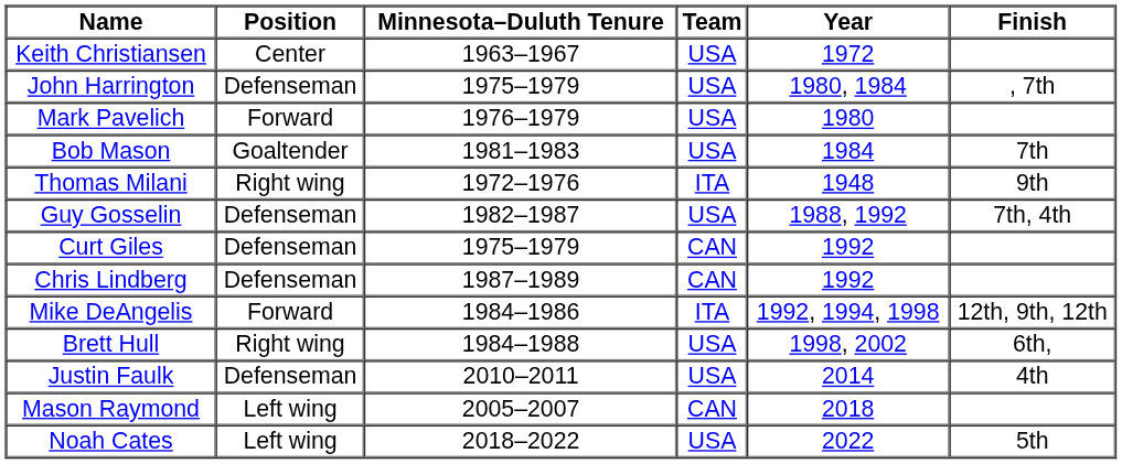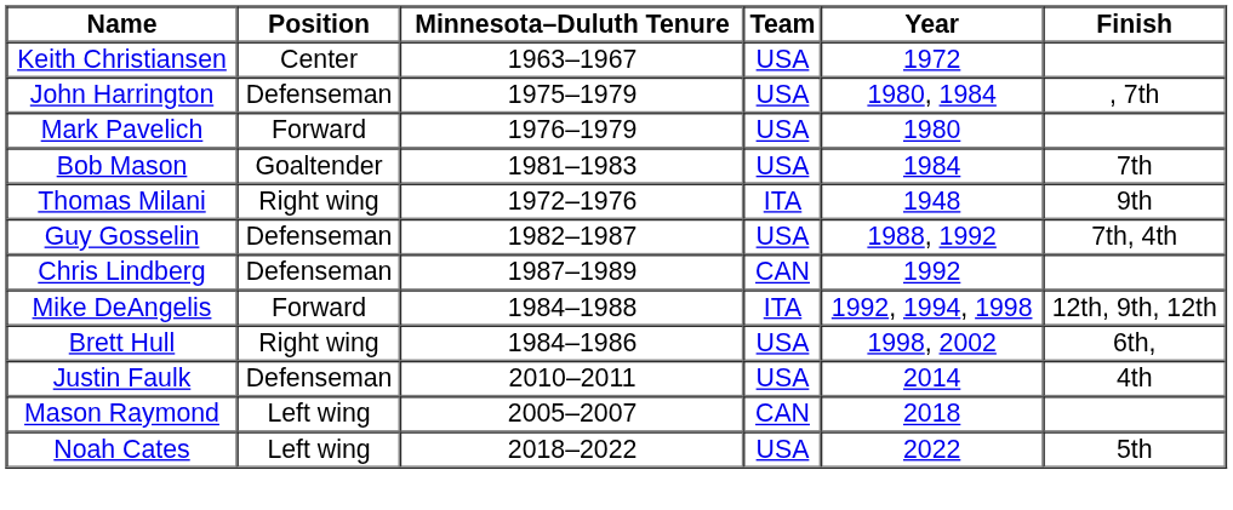 <table cellpadding="1" border="1" cellspacing="0" width="60%">
 <tr>
 <th>Name</th>
 <th>Position</th>
 <th>Minnesota–Duluth Tenure</th>
 <th>Team</th>
 <th>Year</th>
 <th>Finish</th>
 </tr>
 <tr align="center">
 <td><a href='#'>Keith Christiansen</a></td>
 <td>Center</td>
 <td>1963–1967</td>
 <td> <a href='#'>USA</a></td>
 <td><a href='#'>1972</a></td>
 <td></td>
 </tr>
 <tr align="center">
 <td><a href='#'>John Harrington</a></td>
 <td>Defenseman</td>
 <td>1975–1979</td>
 <td> <a href='#'>USA</a></td>
 <td><a href='#'>1980</a>, <a href='#'>1984</a></td>
 <td>, 7th</td>
 </tr>
 <tr align="center">
 <td><a href='#'>Mark Pavelich</a></td>
 <td>Forward</td>
 <td>1976–1979</td>
 <td> <a href='#'>USA</a></td>
 <td><a href='#'>1980</a></td>
 <td></td>
 </tr>
 <tr align="center">
 <td><a href='#'>Bob Mason</a></td>
 <td>Goaltender</td>
 <td>1981–1983</td>
 <td> <a href='#'>USA</a></td>
 <td><a href='#'>1984</a></td>
 <td>7th</td>
 </tr>
 <tr align="center">
 <td><a href='#'>Thomas Milani</a></td>
 <td>Right wing</td>
 <td>1972–1976</td>
 <td> <a href='#'>ITA</a></td>
 <td><a href='#'>1948</a></td>
 <td>9th</td>
 </tr>
 <tr align="center">
 <td><a href='#'>Guy Gosselin</a></td>
 <td>Defenseman</td>
 <td>1982–1987</td>
 <td> <a href='#'>USA</a></td>
 <td><a href='#'>1988</a>, <a href='#'>1992</a></td>
 <td>7th, 4th</td>
 </tr>
 <tr align="center">
-<td><a href='#'>Curt Giles</a></td>
-<td>Defenseman</td>
-<td>1975–1979</td>
-<td> <a href='#'>CAN</a></td>
-<td><a href='#'>1992</a></td>
-<td></td>
-</tr>
-<tr align="center">
 <td><a href='#'>Chris Lindberg</a></td>
 <td>Defenseman</td>
 <td>1987–1989</td>
 <td> <a href='#'>CAN</a></td>
 <td><a href='#'>1992</a></td>
 <td></td>
 </tr>
 <tr align="center">
 <td><a href='#'>Mike DeAngelis</a></td>
 <td>Forward</td>
-<td>1984–1986</td>
+<td>1984–1988</td>
 <td> <a href='#'>ITA</a></td>
 <td><a href='#'>1992</a>, <a href='#'>1994</a>, <a href='#'>1998</a></td>
 <td>12th, 9th, 12th</td>
 </tr>
 <tr align="center">
 <td><a href='#'>Brett Hull</a></td>
 <td>Right wing</td>
-<td>1984–1988</td>
+<td>1984–1986</td>
 <td> <a href='#'>USA</a></td>
 <td><a href='#'>1998</a>, <a href='#'>2002</a></td>
 <td>6th, </td>
 </tr>
 <tr align="center">
 <td><a href='#'>Justin Faulk</a></td>
 <td>Defenseman</td>
 <td>2010–2011</td>
 <td> <a href='#'>USA</a></td>
 <td><a href='#'>2014</a></td>
 <td>4th</td>
 </tr>
 <tr align="center">
 <td><a href='#'>Mason Raymond</a></td>
 <td>Left wing</td>
 <td>2005–2007</td>
 <td> <a href='#'>CAN</a></td>
 <td><a href='#'>2018</a></td>
 <td></td>
 </tr>
 <tr align="center">
 <td><a href='#'>Noah Cates</a></td>
 <td>Left wing</td>
 <td>2018–2022</td>
 <td> <a href='#'>USA</a></td>
 <td><a href='#'>2022</a></td>
 <td>5th</td>
 </tr>
 <tr align="center">
 </tr>
 </table>
